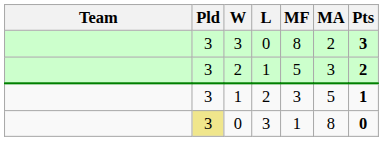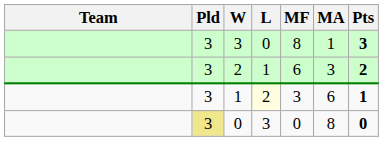 <table class=wikitable style="text-align:center">
 <tr>
 <th width=175>Team</th>
 <th width=20>Pld</th>
 <th width=20>W</th>
 <th width=20>L</th>
 <th width=20>MF</th>
 <th width=20>MA</th>
 <th width=20>Pts</th>
 </tr>
 <tr style="background:#cfc;">
 <td style="text-align:left"></td>
 <td>3</td>
 <td>3</td>
 <td>0</td>
 <td>8</td>
-<td>2</td>
+<td>1</td>
 <td><strong>3</strong></td>
 </tr>
 <tr style="background:#cfc; border-bottom:2px solid green;">
 <td style="text-align:left"></td>
 <td>3</td>
 <td>2</td>
 <td>1</td>
-<td>5</td>
+<td>6</td>
 <td>3</td>
 <td><strong>2</strong></td>
 </tr>
 <tr>
 <td style="text-align:left"></td>
 <td>3</td>
 <td>1</td>
-<td>2</td>
+<td style="background: lightyellow;">2</td>
 <td>3</td>
-<td>5</td>
+<td>6</td>
 <td><strong>1</strong></td>
 </tr>
 <tr>
 <td style="text-align:left"></td>
 <td style="background: khaki;">3</td>
 <td>0</td>
 <td>3</td>
-<td>1</td>
+<td>0</td>
 <td>8</td>
 <td><strong>0</strong></td>
 </tr>
 </table>
